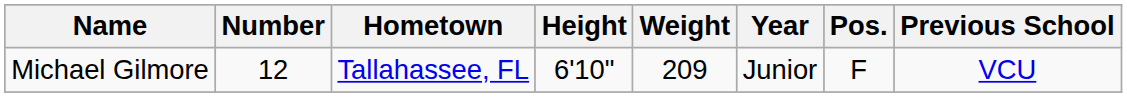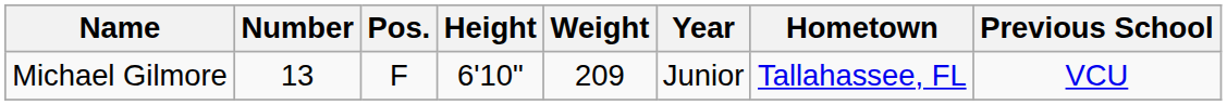 <table class="wikitable sortable" border="1" style="text-align:center;">
 <tr align=center>
 <th>Name</th>
 <th>Number</th>
-<th>Hometown</th>
+<th>Pos.</th>
 <th>Height</th>
 <th>Weight</th>
 <th>Year</th>
-<th>Pos.</th>
+<th>Hometown</th>
 <th>Previous School</th>
 </tr>
 <tr>
 <td>Michael Gilmore</td>
-<td>12</td>
-<td><a href='#'>Tallahassee, FL</a></td>
+<td>13</td>
+<td>F</td>
 <td>6'10"</td>
 <td>209</td>
 <td>Junior</td>
-<td>F</td>
+<td><a href='#'>Tallahassee, FL</a></td>
 <td><a href='#'>VCU</a></td>
 </tr>
 </table>
